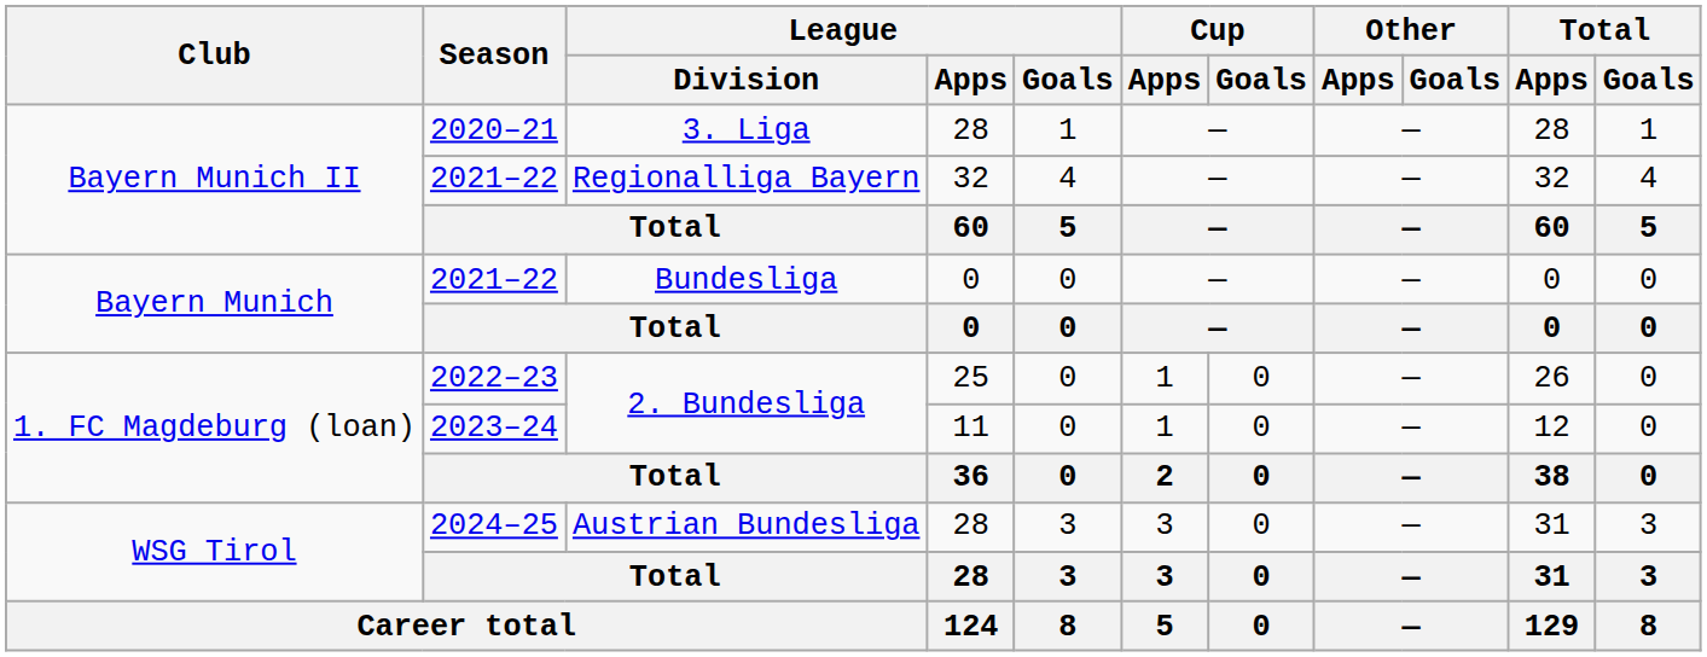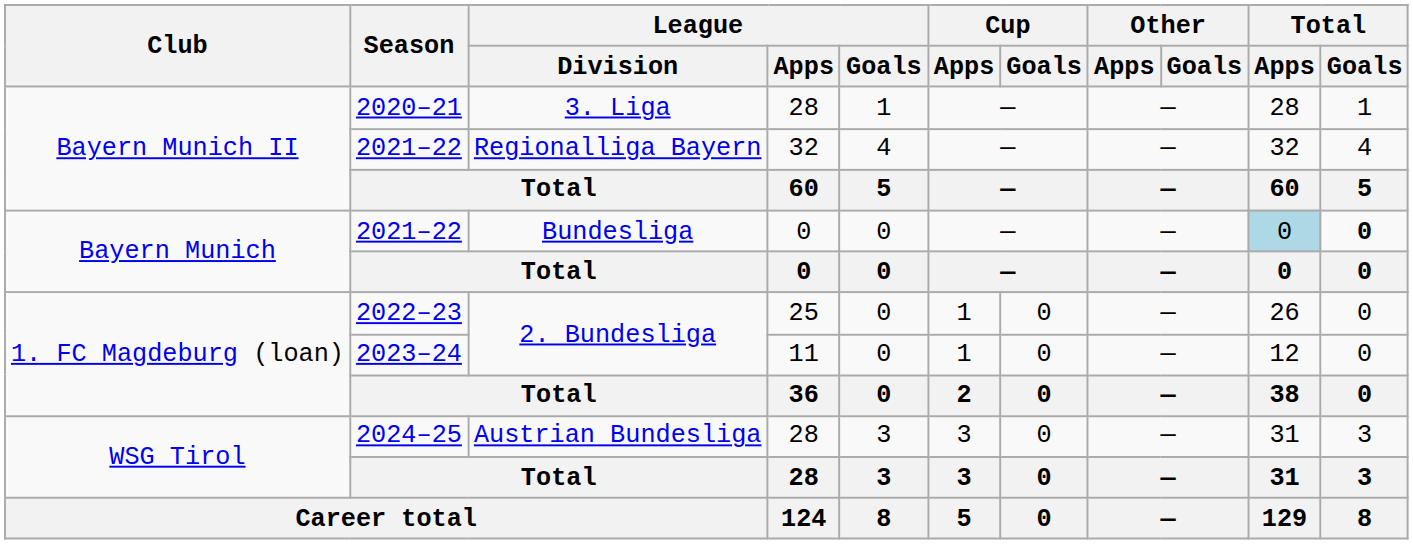 <table class="wikitable" style="text-align: center">
 <tr>
 <th rowspan="2">Club</th>
 <th rowspan="2">Season</th>
 <th colspan="3">League</th>
 <th colspan="2">Cup</th>
 <th colspan="2">Other</th>
 <th colspan="2">Total</th>
 </tr>
 <tr>
 <th>Division</th>
 <th>Apps</th>
 <th>Goals</th>
 <th>Apps</th>
 <th>Goals</th>
 <th>Apps</th>
 <th>Goals</th>
 <th>Apps</th>
 <th>Goals</th>
 </tr>
 <tr>
 <td rowspan="3"><a href='#'>Bayern Munich II</a></td>
 <td><a href='#'>2020–21</a></td>
 <td><a href='#'>3. Liga</a></td>
 <td>28</td>
 <td>1</td>
 <td colspan="2">—</td>
 <td colspan="2">—</td>
 <td>28</td>
 <td>1</td>
 </tr>
 <tr>
 <td><a href='#'>2021–22</a></td>
 <td><a href='#'>Regionalliga Bayern</a></td>
 <td>32</td>
 <td>4</td>
 <td colspan="2">—</td>
 <td colspan="2">—</td>
 <td>32</td>
 <td>4</td>
 </tr>
 <tr>
 <th colspan="2">Total</th>
 <th>60</th>
 <th>5</th>
 <th colspan="2">—</th>
 <th colspan="2">—</th>
 <th>60</th>
 <th>5</th>
 </tr>
 <tr>
 <td rowspan="2"><a href='#'>Bayern Munich</a></td>
 <td><a href='#'>2021–22</a></td>
 <td><a href='#'>Bundesliga</a></td>
 <td>0</td>
 <td>0</td>
 <td colspan="2">—</td>
 <td colspan="2">—</td>
-<td>0</td>
-<td>0</td>
+<td style="background: lightblue;">0</td>
+<td><strong>0</strong></td>
 </tr>
 <tr>
 <th colspan="2">Total</th>
 <th>0</th>
 <th>0</th>
 <th colspan="2">—</th>
 <th colspan ="2">—</th>
 <th>0</th>
 <th>0</th>
 </tr>
 <tr>
 <td rowspan="3"><a href='#'>1. FC Magdeburg</a> (loan)</td>
 <td><a href='#'>2022–23</a></td>
 <td rowspan="2"><a href='#'>2. Bundesliga</a></td>
 <td>25</td>
 <td>0</td>
 <td>1</td>
 <td>0</td>
 <td colspan="2">—</td>
 <td>26</td>
 <td>0</td>
 </tr>
 <tr>
 <td><a href='#'>2023–24</a></td>
 <td>11</td>
 <td>0</td>
 <td>1</td>
 <td>0</td>
 <td colspan="2">—</td>
 <td>12</td>
 <td>0</td>
 </tr>
 <tr>
 <th colspan="2">Total</th>
 <th>36</th>
 <th>0</th>
 <th>2</th>
 <th>0</th>
 <th colspan="2">—</th>
 <th>38</th>
 <th>0</th>
 </tr>
 <tr>
 <td rowspan="2"><a href='#'>WSG Tirol</a></td>
 <td><a href='#'>2024–25</a></td>
 <td><a href='#'>Austrian Bundesliga</a></td>
 <td>28</td>
 <td>3</td>
 <td>3</td>
 <td>0</td>
 <td colspan="2">—</td>
 <td>31</td>
 <td>3</td>
 </tr>
 <tr>
 <th colspan="2">Total</th>
 <th>28</th>
 <th>3</th>
 <th>3</th>
 <th>0</th>
 <th colspan="2">—</th>
 <th>31</th>
 <th>3</th>
 </tr>
 <tr>
 <th colspan="3">Career total</th>
 <th>124</th>
 <th>8</th>
 <th>5</th>
 <th>0</th>
 <th colspan="2">—</th>
 <th>129</th>
 <th>8</th>
 </tr>
 </table>
